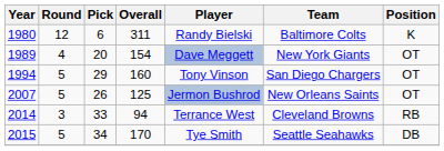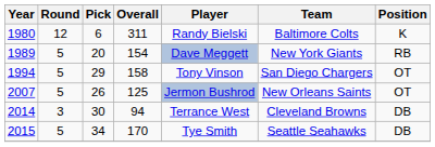 <table class="wikitable sortable" style="text-align: center;">
 <tr>
 <th>Year</th>
 <th>Round</th>
 <th>Pick</th>
 <th>Overall</th>
 <th>Player</th>
 <th>Team</th>
 <th>Position</th>
 </tr>
 <tr>
 <td><a href='#'>1980</a></td>
 <td>12</td>
 <td>6</td>
 <td>311</td>
 <td><a href='#'>Randy Bielski</a></td>
 <td><a href='#'>Baltimore Colts</a></td>
 <td>K</td>
 </tr>
 <tr>
 <td><a href='#'>1989</a></td>
-<td>4</td>
+<td>5</td>
 <td>20</td>
 <td>154</td>
 <td style="background-color:lightsteelblue"><a href='#'>Dave Meggett</a></td>
 <td><a href='#'>New York Giants</a></td>
-<td>OT</td>
+<td>RB</td>
 </tr>
 <tr>
 <td><a href='#'>1994</a></td>
 <td>5</td>
 <td>29</td>
-<td>160</td>
+<td>158</td>
 <td><a href='#'>Tony Vinson</a></td>
 <td><a href='#'>San Diego Chargers</a></td>
 <td>OT</td>
 </tr>
 <tr>
 <td><a href='#'>2007</a></td>
 <td>5</td>
 <td>26</td>
 <td>125</td>
 <td style="background-color:lightsteelblue"><a href='#'>Jermon Bushrod</a></td>
 <td><a href='#'>New Orleans Saints</a></td>
 <td>OT</td>
 </tr>
 <tr>
 <td><a href='#'>2014</a></td>
 <td>3</td>
-<td>33</td>
+<td>30</td>
 <td>94</td>
 <td><a href='#'>Terrance West</a></td>
 <td><a href='#'>Cleveland Browns</a></td>
-<td>RB</td>
+<td>DB</td>
 </tr>
 <tr>
 <td><a href='#'>2015</a></td>
 <td>5</td>
 <td>34</td>
 <td>170</td>
 <td><a href='#'>Tye Smith</a></td>
 <td><a href='#'>Seattle Seahawks</a></td>
 <td>DB</td>
 </tr>
 <tr>
 </tr>
 </table>
